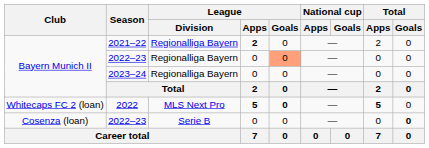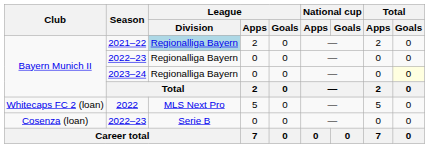 <table class="wikitable" Style="text-align: center">
 <tr>
 <th rowspan="2">Club</th>
 <th rowspan="2">Season</th>
 <th colspan="3">League</th>
 <th colspan="2">National cup</th>
 <th colspan="2">Total</th>
 </tr>
 <tr>
 <th>Division</th>
 <th>Apps</th>
 <th>Goals</th>
 <th>Apps</th>
 <th>Goals</th>
 <th>Apps</th>
 <th>Goals</th>
 </tr>
 <tr>
 <td rowspan="4"><a href='#'>Bayern Munich II</a></td>
 <td><a href='#'>2021–22</a></td>
-<td><a href='#'>Regionalliga Bayern</a></td>
-<td><strong>2</strong></td>
+<td style="background: lightblue;"><a href='#'>Regionalliga Bayern</a></td>
+<td>2</td>
 <td>0</td>
 <td colspan="2">—</td>
 <td>2</td>
 <td>0</td>
 </tr>
 <tr>
 <td><a href='#'>2022–23</a></td>
 <td>Regionalliga Bayern</td>
 <td>0</td>
-<td style="background: lightsalmon;">0</td>
+<td>0</td>
 <td colspan="2">—</td>
 <td>0</td>
 <td>0</td>
 </tr>
 <tr>
 <td><a href='#'>2023–24</a></td>
 <td>Regionalliga Bayern</td>
 <td>0</td>
 <td>0</td>
 <td colspan="2">—</td>
 <td>0</td>
-<td>0</td>
+<td style="background: lightyellow;">0</td>
 </tr>
 <tr>
 <th colspan="2">Total</th>
 <th>2</th>
 <th>0</th>
 <th colspan="2">—</th>
 <th>2</th>
 <th>0</th>
 </tr>
 <tr>
 <td><a href='#'>Whitecaps FC 2</a> (loan)</td>
 <td><a href='#'>2022</a></td>
 <td><a href='#'>MLS Next Pro</a></td>
-<td><strong>5</strong></td>
-<td><strong>0</strong></td>
+<td>5</td>
+<td>0</td>
 <td colspan="2">—</td>
-<td><strong>5</strong></td>
+<td>5</td>
 <td>0</td>
 </tr>
 <tr>
 <td><a href='#'>Cosenza</a> (loan)</td>
 <td><a href='#'>2022–23</a></td>
 <td><a href='#'>Serie B</a></td>
 <td>0</td>
 <td>0</td>
 <td colspan="2">—</td>
 <td>0</td>
-<td><strong>0</strong></td>
+<td>0</td>
 </tr>
 <tr>
 <th colspan="3">Career total</th>
 <th>7</th>
 <th>0</th>
 <th>0</th>
 <th>0</th>
 <th>7</th>
 <th>0</th>
 </tr>
 </table>
